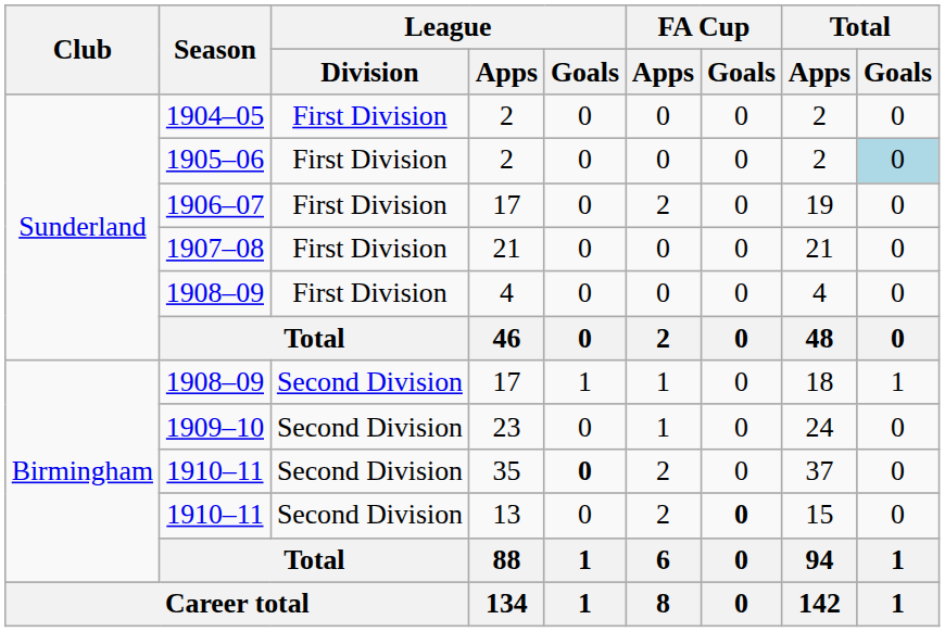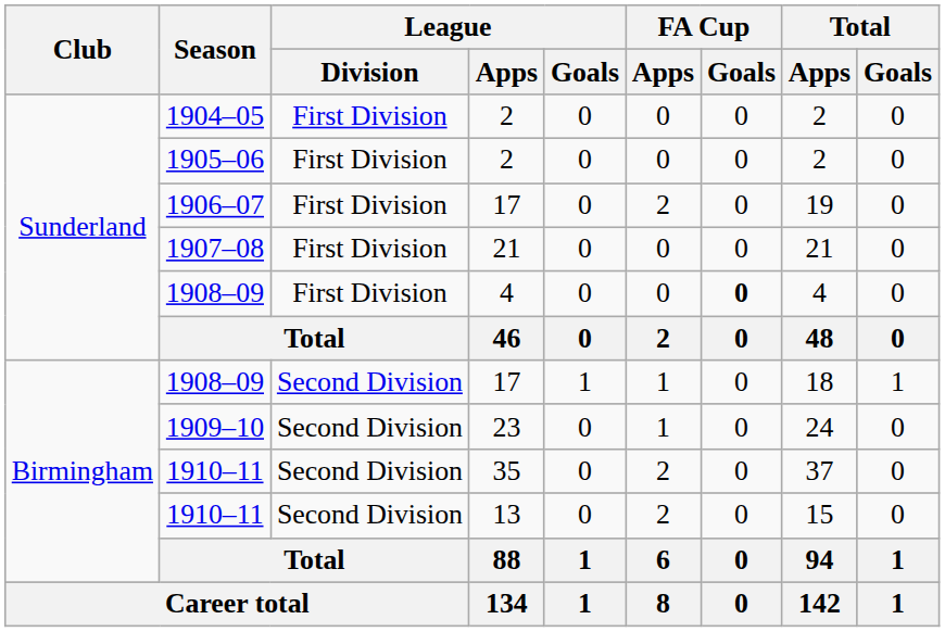 <table class="wikitable" style="text-align: center;">
 <tr>
 <th rowspan="2">Club</th>
 <th rowspan="2">Season</th>
 <th colspan="3">League</th>
 <th colspan="2">FA Cup</th>
 <th colspan="2">Total</th>
 </tr>
 <tr>
 <th>Division</th>
 <th>Apps</th>
 <th>Goals</th>
 <th>Apps</th>
 <th>Goals</th>
 <th>Apps</th>
 <th>Goals</th>
 </tr>
 <tr>
 <td rowspan="6"><a href='#'>Sunderland</a></td>
 <td><a href='#'>1904–05</a></td>
 <td><a href='#'>First Division</a></td>
 <td>2</td>
 <td>0</td>
 <td>0</td>
 <td>0</td>
 <td>2</td>
 <td>0</td>
 </tr>
 <tr>
 <td><a href='#'>1905–06</a></td>
 <td>First Division</td>
 <td>2</td>
 <td>0</td>
 <td>0</td>
 <td>0</td>
 <td>2</td>
-<td style="background: lightblue;">0</td>
+<td>0</td>
 </tr>
 <tr>
 <td><a href='#'>1906–07</a></td>
 <td>First Division</td>
 <td>17</td>
 <td>0</td>
 <td>2</td>
 <td>0</td>
 <td>19</td>
 <td>0</td>
 </tr>
 <tr>
 <td><a href='#'>1907–08</a></td>
 <td>First Division</td>
 <td>21</td>
 <td>0</td>
 <td>0</td>
 <td>0</td>
 <td>21</td>
 <td>0</td>
 </tr>
 <tr>
 <td><a href='#'>1908–09</a></td>
 <td>First Division</td>
 <td>4</td>
 <td>0</td>
 <td>0</td>
-<td>0</td>
+<td><strong>0</strong></td>
 <td>4</td>
 <td>0</td>
 </tr>
 <tr>
 <th colspan="2">Total</th>
 <th>46</th>
 <th>0</th>
 <th>2</th>
 <th>0</th>
 <th>48</th>
 <th>0</th>
 </tr>
 <tr>
 <td rowspan="5"><a href='#'>Birmingham</a></td>
 <td><a href='#'>1908–09</a></td>
 <td><a href='#'>Second Division</a></td>
 <td>17</td>
 <td>1</td>
 <td>1</td>
 <td>0</td>
 <td>18</td>
 <td>1</td>
 </tr>
 <tr>
 <td><a href='#'>1909–10</a></td>
 <td>Second Division</td>
 <td>23</td>
 <td>0</td>
 <td>1</td>
 <td>0</td>
 <td>24</td>
 <td>0</td>
 </tr>
 <tr>
 <td><a href='#'>1910–11</a></td>
 <td>Second Division</td>
 <td>35</td>
-<td><strong>0</strong></td>
+<td>0</td>
 <td>2</td>
 <td>0</td>
 <td>37</td>
 <td>0</td>
 </tr>
 <tr>
 <td><a href='#'>1910–11</a></td>
 <td>Second Division</td>
 <td>13</td>
 <td>0</td>
 <td>2</td>
-<td><strong>0</strong></td>
+<td>0</td>
 <td>15</td>
 <td>0</td>
 </tr>
 <tr>
 <th colspan="2">Total</th>
 <th>88</th>
 <th>1</th>
 <th>6</th>
 <th>0</th>
 <th>94</th>
 <th>1</th>
 </tr>
 <tr>
 <th colspan="3">Career total</th>
 <th>134</th>
 <th>1</th>
 <th>8</th>
 <th>0</th>
 <th>142</th>
 <th>1</th>
 </tr>
 </table>
